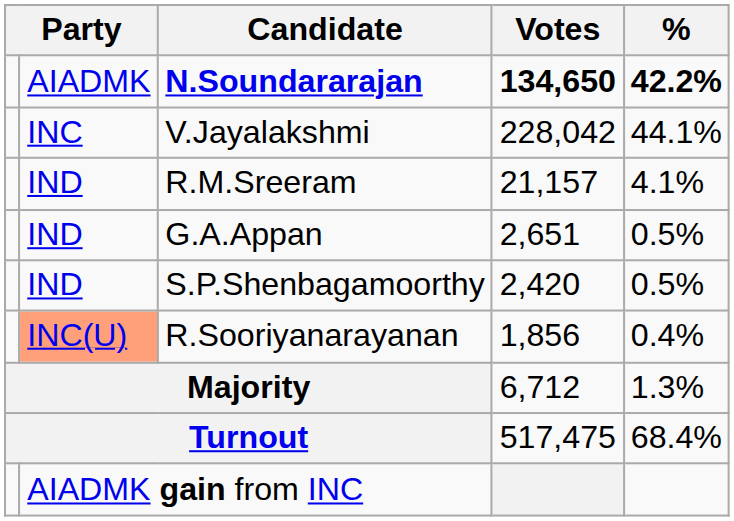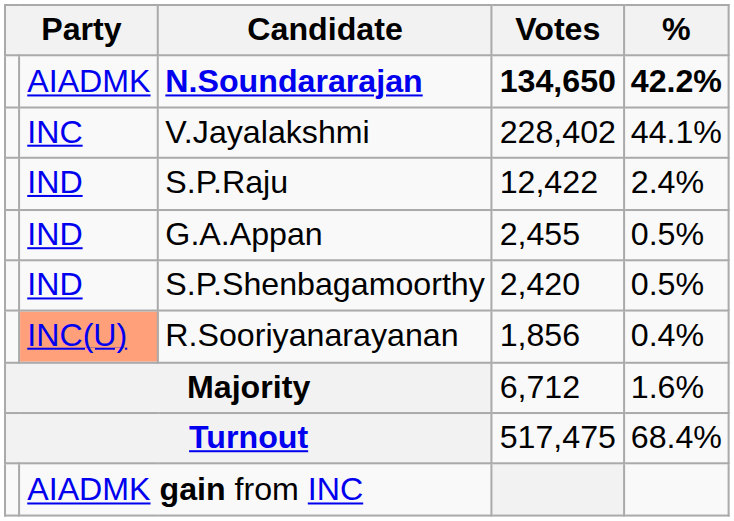 <table class="wikitable">
 <tr>
 <th colspan="2">Party</th>
 <th>Candidate</th>
 <th>Votes</th>
 <th>%</th>
 </tr>
 <tr>
 <td></td>
 <td><a href='#'>AIADMK</a></td>
 <td><strong><a href='#'>N.Soundararajan</a></strong></td>
 <td><strong>134,650</strong></td>
 <td><strong>42.2%</strong></td>
 </tr>
 <tr>
 <td></td>
 <td><a href='#'>INC</a></td>
 <td>V.Jayalakshmi</td>
-<td>228,042</td>
+<td>228,402</td>
 <td>44.1%</td>
 </tr>
 <tr>
 <td></td>
 <td><a href='#'>IND</a></td>
-<td>R.M.Sreeram</td>
-<td>21,157</td>
-<td>4.1%</td>
+<td>S.P.Raju</td>
+<td>12,422</td>
+<td>2.4%</td>
 </tr>
 <tr>
 <td></td>
 <td><a href='#'>IND</a></td>
 <td>G.A.Appan</td>
-<td>2,651</td>
+<td>2,455</td>
 <td>0.5%</td>
 </tr>
 <tr>
 <td></td>
 <td><a href='#'>IND</a></td>
 <td>S.P.Shenbagamoorthy</td>
 <td>2,420</td>
 <td>0.5%</td>
 </tr>
 <tr>
 <td></td>
 <td style="background: lightsalmon;"><a href='#'>INC(U)</a></td>
 <td>R.Sooriyanarayanan</td>
 <td>1,856</td>
 <td>0.4%</td>
 </tr>
 <tr>
 <th colspan="3">Majority</th>
 <td>6,712</td>
-<td>1.3%</td>
+<td>1.6%</td>
 </tr>
 <tr>
 <th colspan="3"><a href='#'>Turnout</a></th>
 <td>517,475</td>
 <td>68.4%</td>
 </tr>
 <tr>
 <td></td>
 <td colspan="2"><a href='#'>AIADMK</a> <strong>gain</strong> from <a href='#'>INC</a></td>
 <th></th>
 <td></td>
 </tr>
 </table>
